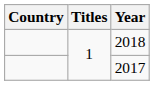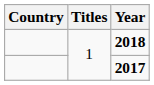 <table class="wikitable sortable" style="font-size: 85%; text-align:center">
 <tr>
 <th>Country</th>
 <th>Titles</th>
 <th>Year</th>
 </tr>
 <tr>
 <td align=left></td>
 <td rowspan=2>1</td>
-<td>2018</td>
+<td><strong>2018</strong></td>
 </tr>
 <tr>
 <td align=left></td>
-<td>2017</td>
+<td><strong>2017</strong></td>
 </tr>
 </table>
